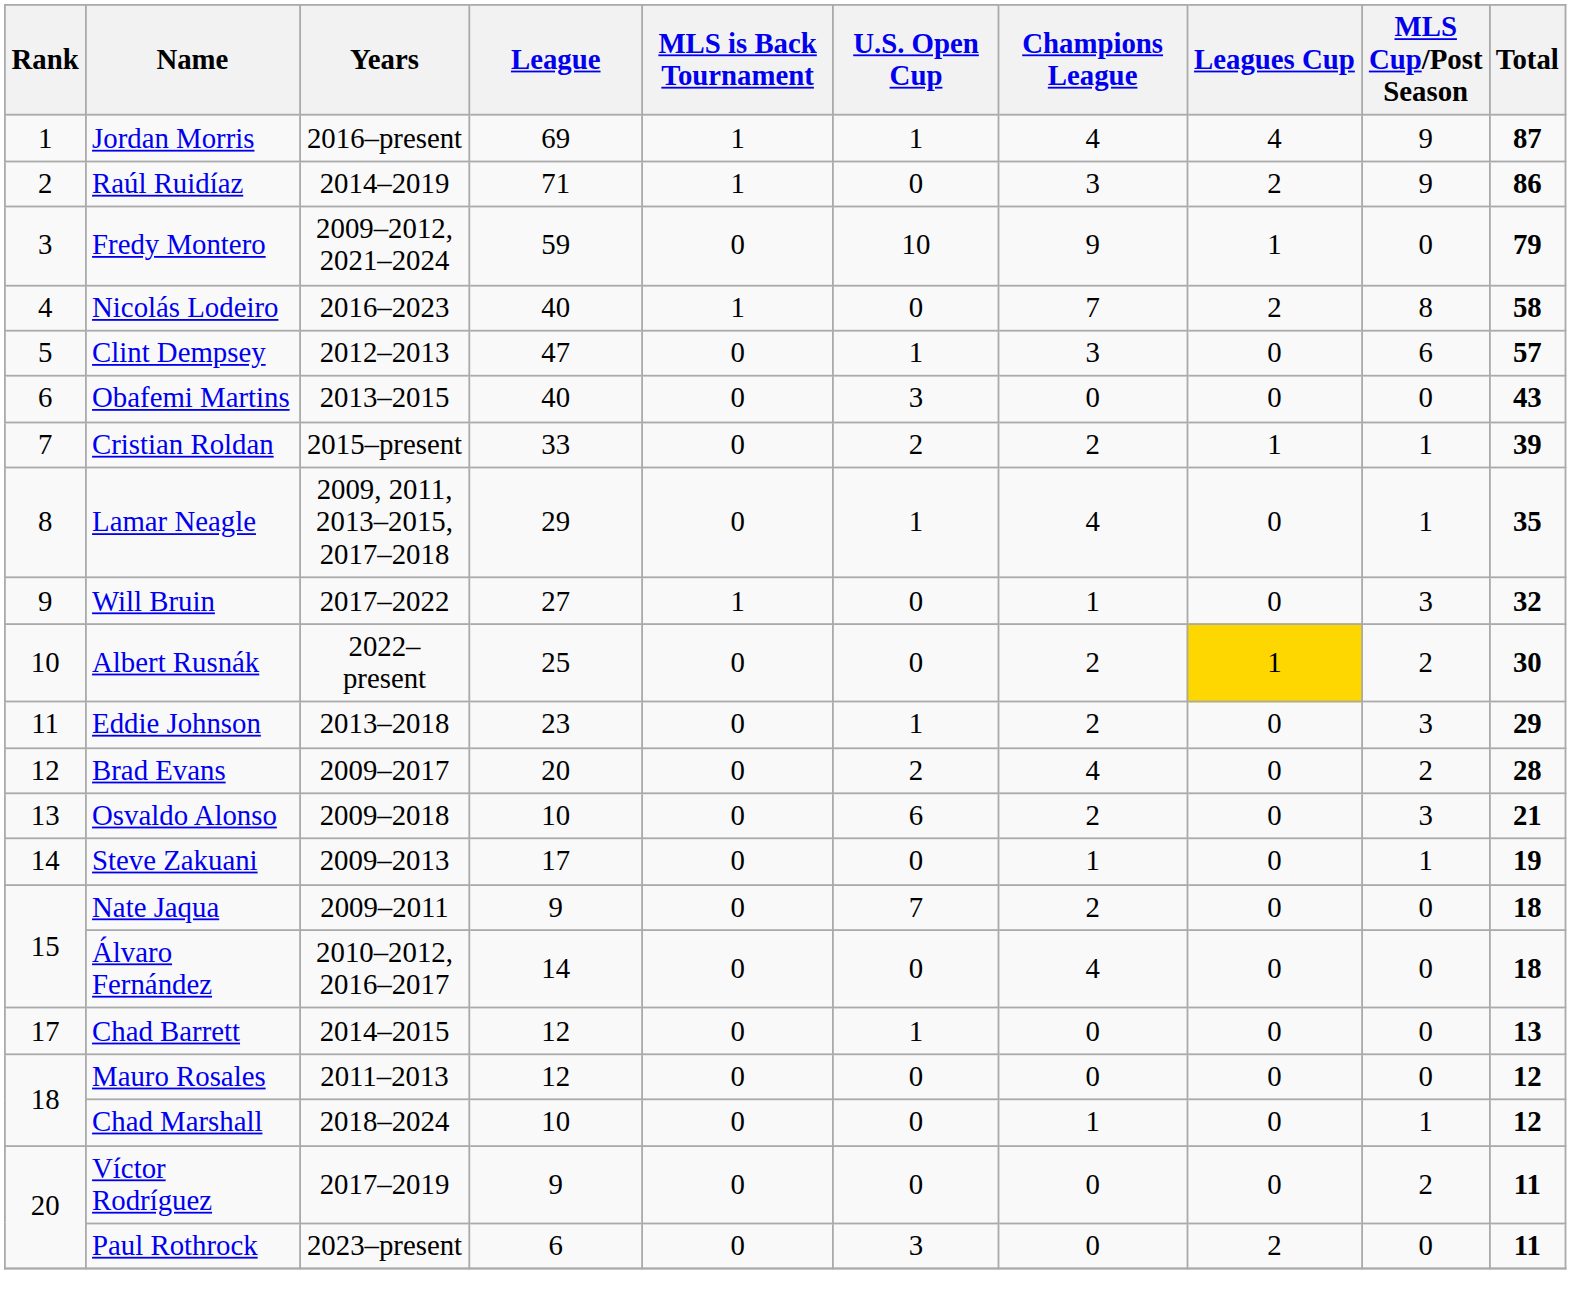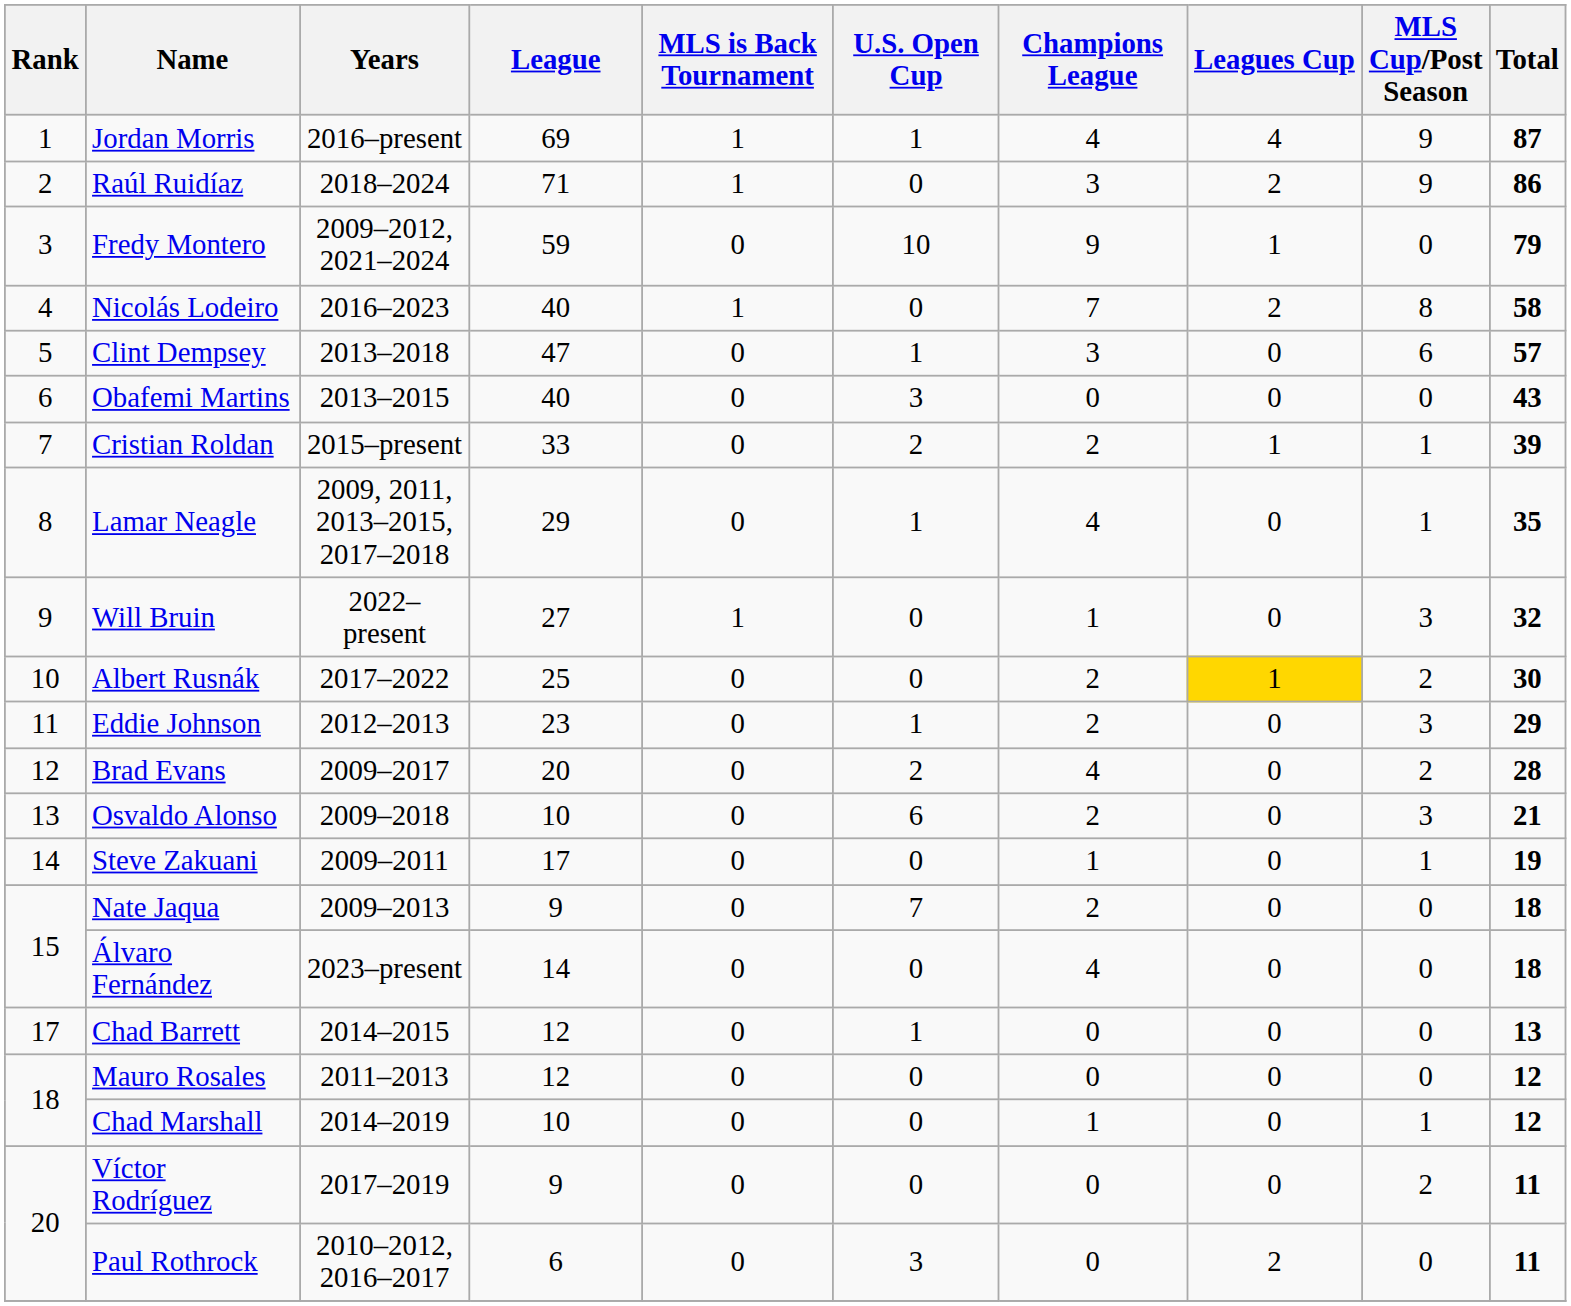 <table class="wikitable sortable" style="text-align: center;">
 <tr>
 <th width=5%>Rank</th>
 <th width=16%>Name</th>
 <th width=13%>Years</th>
 <th width=13%><a href='#'>League</a></th>
 <th width=13%><a href='#'>MLS is Back Tournament</a></th>
 <th width=13%><a href='#'>U.S. Open Cup</a></th>
 <th width=13%><a href='#'>Champions League</a></th>
 <th width=13%><a href='#'>Leagues Cup</a></th>
 <th width=15%><a href='#'>MLS Cup</a>/Post Season</th>
 <th width=12%>Total</th>
 </tr>
 <tr>
 <td>1</td>
 <td align="left"> <a href='#'>Jordan Morris</a></td>
 <td>2016–present</td>
 <td>69</td>
 <td>1</td>
 <td>1</td>
 <td>4</td>
 <td>4</td>
 <td>9</td>
 <td><strong>87</strong></td>
 </tr>
 <tr>
 <td>2</td>
 <td align="left"> <a href='#'>Raúl Ruidíaz</a></td>
-<td>2014–2019</td>
+<td>2018–2024</td>
 <td>71</td>
 <td>1</td>
 <td>0</td>
 <td>3</td>
 <td>2</td>
 <td>9</td>
 <td><strong>86</strong></td>
 </tr>
 <tr>
 <td>3</td>
 <td align="left"> <a href='#'>Fredy Montero</a></td>
 <td>2009–2012, 2021–2024</td>
 <td>59</td>
 <td>0</td>
 <td>10</td>
 <td>9</td>
 <td>1</td>
 <td>0</td>
 <td><strong>79</strong></td>
 </tr>
 <tr>
 <td>4</td>
 <td align="left"> <a href='#'>Nicolás Lodeiro</a></td>
 <td>2016–2023</td>
 <td>40</td>
 <td>1</td>
 <td>0</td>
 <td>7</td>
 <td>2</td>
 <td>8</td>
 <td><strong>58</strong></td>
 </tr>
 <tr>
 <td>5</td>
 <td align="left"> <a href='#'>Clint Dempsey</a></td>
-<td>2012–2013</td>
+<td>2013–2018</td>
 <td>47</td>
 <td>0</td>
 <td>1</td>
 <td>3</td>
 <td>0</td>
 <td>6</td>
 <td><strong>57</strong></td>
 </tr>
 <tr>
 <td>6</td>
 <td align="left"> <a href='#'>Obafemi Martins</a></td>
 <td>2013–2015</td>
 <td>40</td>
 <td>0</td>
 <td>3</td>
 <td>0</td>
 <td>0</td>
 <td>0</td>
 <td><strong>43</strong></td>
 </tr>
 <tr>
 <td>7</td>
 <td align="left"> <a href='#'>Cristian Roldan</a></td>
 <td>2015–present</td>
 <td>33</td>
 <td>0</td>
 <td>2</td>
 <td>2</td>
 <td>1</td>
 <td>1</td>
 <td><strong>39</strong></td>
 </tr>
 <tr>
 <td>8</td>
 <td align="left"> <a href='#'>Lamar Neagle</a></td>
 <td>2009, 2011, 2013–2015, 2017–2018</td>
 <td>29</td>
 <td>0</td>
 <td>1</td>
 <td>4</td>
 <td>0</td>
 <td>1</td>
 <td><strong>35</strong></td>
 </tr>
 <tr>
 <td>9</td>
 <td align="left"> <a href='#'>Will Bruin</a></td>
-<td>2017–2022</td>
+<td>2022– present</td>
 <td>27</td>
 <td>1</td>
 <td>0</td>
 <td>1</td>
 <td>0</td>
 <td>3</td>
 <td><strong>32</strong></td>
 </tr>
 <tr>
 <td>10</td>
 <td align="left"> <a href='#'>Albert Rusnák</a></td>
-<td>2022– present</td>
+<td>2017–2022</td>
 <td>25</td>
 <td>0</td>
 <td>0</td>
 <td>2</td>
 <td style="background: gold;">1</td>
 <td>2</td>
 <td><strong>30</strong></td>
 </tr>
 <tr>
 <td>11</td>
 <td align="left"> <a href='#'>Eddie Johnson</a></td>
-<td>2013–2018</td>
+<td>2012–2013</td>
 <td>23</td>
 <td>0</td>
 <td>1</td>
 <td>2</td>
 <td>0</td>
 <td>3</td>
 <td><strong>29</strong></td>
 </tr>
 <tr>
 <td>12</td>
 <td align="left"> <a href='#'>Brad Evans</a></td>
 <td>2009–2017</td>
 <td>20</td>
 <td>0</td>
 <td>2</td>
 <td>4</td>
 <td>0</td>
 <td>2</td>
 <td><strong>28</strong></td>
 </tr>
 <tr>
 <td>13</td>
 <td align="left"> <a href='#'>Osvaldo Alonso</a></td>
 <td>2009–2018</td>
 <td>10</td>
 <td>0</td>
 <td>6</td>
 <td>2</td>
 <td>0</td>
 <td>3</td>
 <td><strong>21</strong></td>
 </tr>
 <tr>
 <td>14</td>
 <td align="left"> <a href='#'>Steve Zakuani</a></td>
-<td>2009–2013</td>
+<td>2009–2011</td>
 <td>17</td>
 <td>0</td>
 <td>0</td>
 <td>1</td>
 <td>0</td>
 <td>1</td>
 <td><strong>19</strong></td>
 </tr>
 <tr>
 <td rowspan="2">15</td>
 <td align="left"> <a href='#'>Nate Jaqua</a></td>
-<td>2009–2011</td>
+<td>2009–2013</td>
 <td>9</td>
 <td>0</td>
 <td>7</td>
 <td>2</td>
 <td>0</td>
 <td>0</td>
 <td><strong>18</strong></td>
 </tr>
 <tr>
 <td align="left"> <a href='#'>Álvaro Fernández</a></td>
-<td>2010–2012, 2016–2017</td>
+<td>2023–present</td>
 <td>14</td>
 <td>0</td>
 <td>0</td>
 <td>4</td>
 <td>0</td>
 <td>0</td>
 <td><strong>18</strong></td>
 </tr>
 <tr>
 <td>17</td>
 <td align="left"> <a href='#'>Chad Barrett</a></td>
 <td>2014–2015</td>
 <td>12</td>
 <td>0</td>
 <td>1</td>
 <td>0</td>
 <td>0</td>
 <td>0</td>
 <td><strong>13</strong></td>
 </tr>
 <tr>
 <td rowspan=2>18</td>
 <td align="left"> <a href='#'>Mauro Rosales</a></td>
 <td>2011–2013</td>
 <td>12</td>
 <td>0</td>
 <td>0</td>
 <td>0</td>
 <td>0</td>
 <td>0</td>
 <td><strong>12</strong></td>
 </tr>
 <tr>
 <td align="left"> <a href='#'>Chad Marshall</a></td>
-<td>2018–2024</td>
+<td>2014–2019</td>
 <td>10</td>
 <td>0</td>
 <td>0</td>
 <td>1</td>
 <td>0</td>
 <td>1</td>
 <td><strong>12</strong></td>
 </tr>
 <tr>
 <td rowspan="2">20</td>
 <td align="left"> <a href='#'>Víctor Rodríguez</a></td>
 <td>2017–2019</td>
 <td>9</td>
 <td>0</td>
 <td>0</td>
 <td>0</td>
 <td>0</td>
 <td>2</td>
 <td><strong>11</strong></td>
 </tr>
 <tr>
 <td align="left"> <a href='#'>Paul Rothrock</a></td>
-<td>2023–present</td>
+<td>2010–2012, 2016–2017</td>
 <td>6</td>
 <td>0</td>
 <td>3</td>
 <td>0</td>
 <td>2</td>
 <td>0</td>
 <td><strong>11</strong></td>
 </tr>
 <tr>
 </tr>
 </table>
